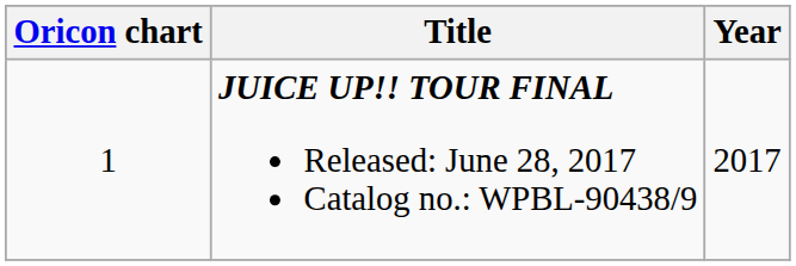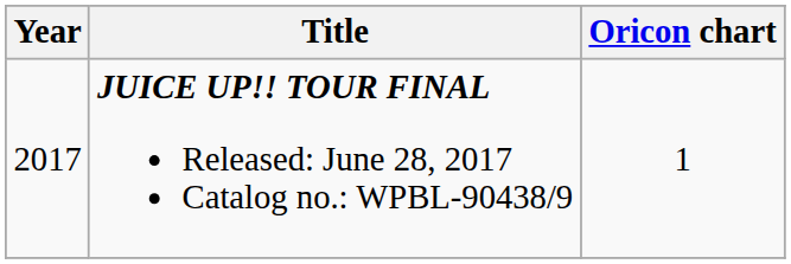 <table class="wikitable">
 <tr>
+<th>Year</th>
+<th>Title</th>
 <th><a href='#'>Oricon</a> chart</th>
-<th>Title</th>
-<th>Year</th>
 </tr>
 <tr>
+<td>2017</td>
+<td><strong><em>JUICE UP!! TOUR FINAL</em></strong><br><ul><li>Released: June 28, 2017</li><li>Catalog no.: WPBL-90438/9</li></ul></td>
 <td align="center">1</td>
-<td><strong><em>JUICE UP!! TOUR FINAL</em></strong><br><ul><li>Released: June 28, 2017</li><li>Catalog no.: WPBL-90438/9</li></ul></td>
-<td>2017</td>
 </tr>
 </table>
